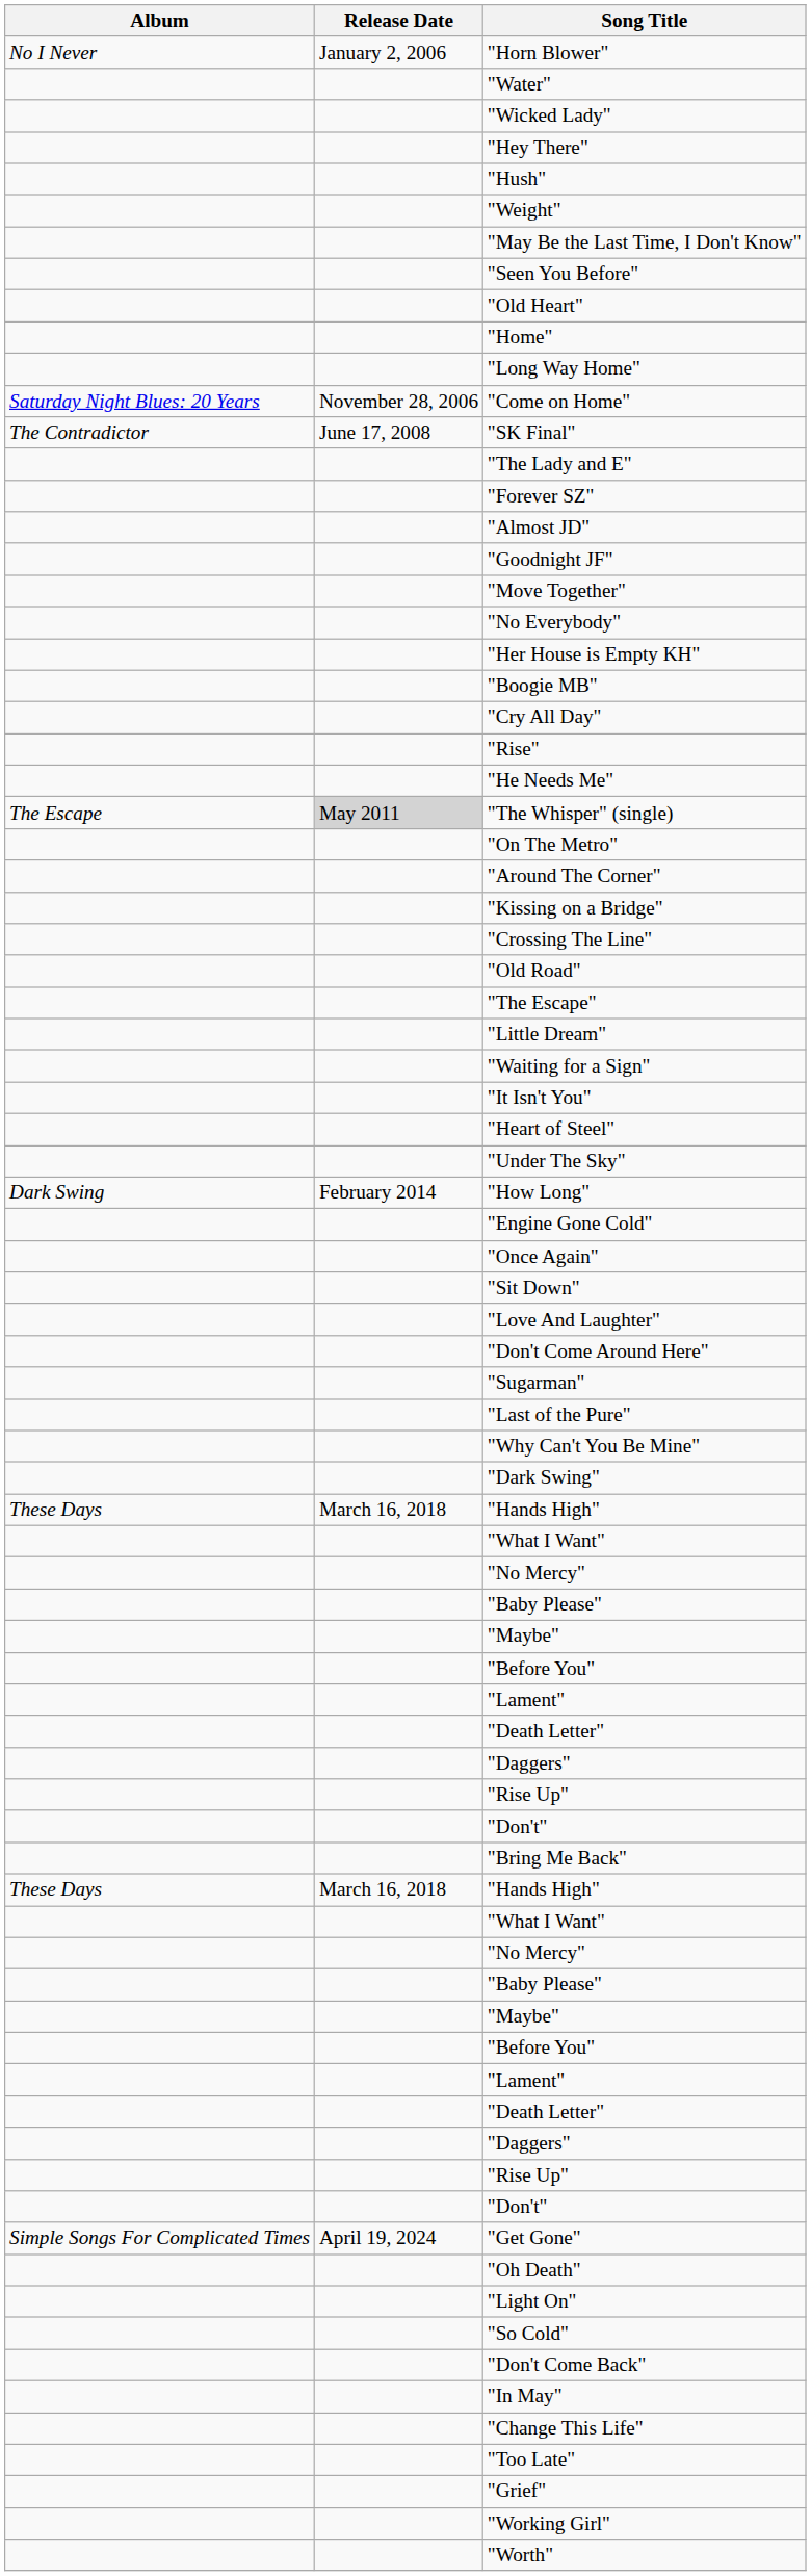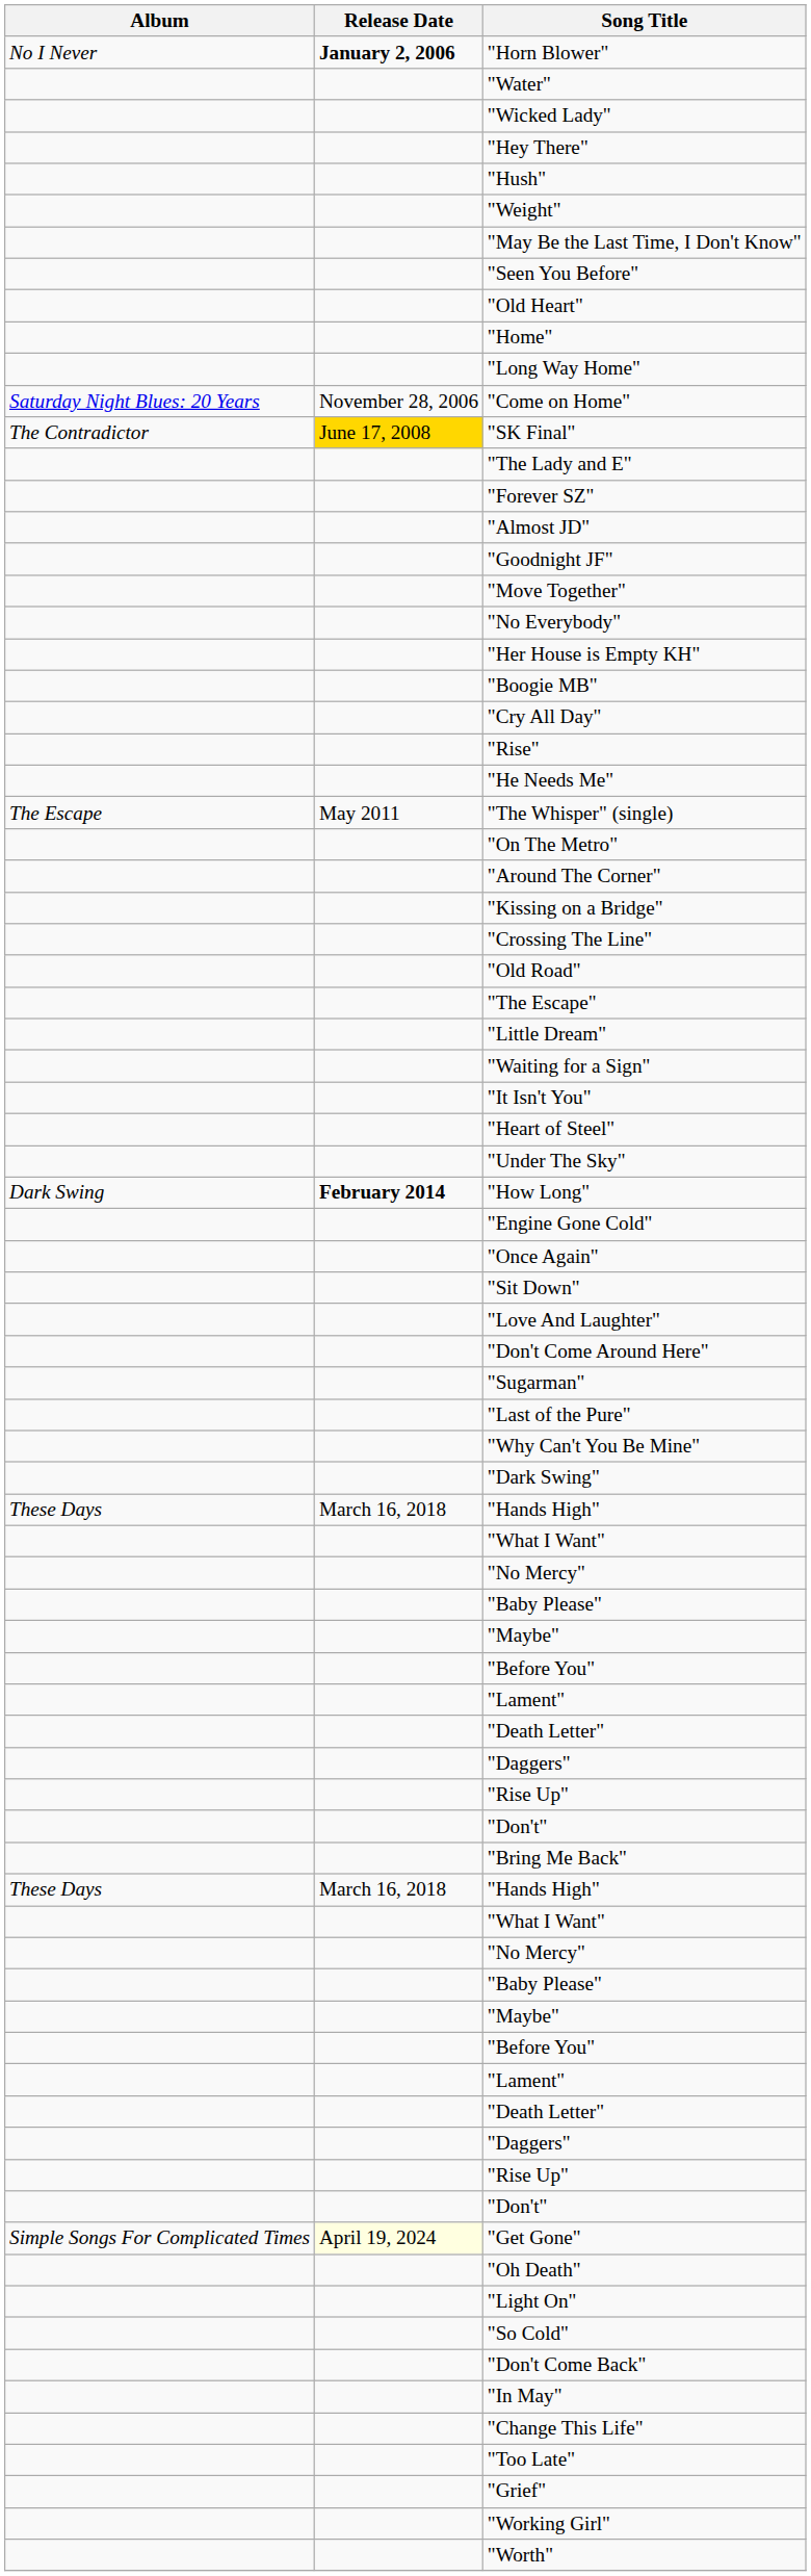 <table class="wikitable">
 <tr>
 <th>Album</th>
 <th>Release Date</th>
 <th>Song Title</th>
 </tr>
 <tr>
 <td><em>No I Never</em></td>
-<td>January 2, 2006</td>
+<td><strong>January 2, 2006</strong></td>
 <td>"Horn Blower"</td>
 </tr>
 <tr>
 <td></td>
 <td></td>
 <td>"Water"</td>
 </tr>
 <tr>
 <td></td>
 <td></td>
 <td>"Wicked Lady"</td>
 </tr>
 <tr>
 <td></td>
 <td></td>
 <td>"Hey There"</td>
 </tr>
 <tr>
 <td></td>
 <td></td>
 <td>"Hush"</td>
 </tr>
 <tr>
 <td></td>
 <td></td>
 <td>"Weight"</td>
 </tr>
 <tr>
 <td></td>
 <td></td>
 <td>"May Be the Last Time, I Don't Know"</td>
 </tr>
 <tr>
 <td></td>
 <td></td>
 <td>"Seen You Before"</td>
 </tr>
 <tr>
 <td></td>
 <td></td>
 <td>"Old Heart"</td>
 </tr>
 <tr>
 <td></td>
 <td></td>
 <td>"Home"</td>
 </tr>
 <tr>
 <td></td>
 <td></td>
 <td>"Long Way Home"</td>
 </tr>
 <tr>
 <td><em><a href='#'>Saturday Night Blues: 20 Years</a></em></td>
 <td>November 28, 2006</td>
 <td>"Come on Home"</td>
 </tr>
 <tr>
 <td><em>The Contradictor</em></td>
-<td>June 17, 2008</td>
+<td style="background: gold;">June 17, 2008</td>
 <td>"SK Final"</td>
 </tr>
 <tr>
 <td></td>
 <td></td>
 <td>"The Lady and E"</td>
 </tr>
 <tr>
 <td></td>
 <td></td>
 <td>"Forever SZ"</td>
 </tr>
 <tr>
 <td></td>
 <td></td>
 <td>"Almost JD"</td>
 </tr>
 <tr>
 <td></td>
 <td></td>
 <td>"Goodnight JF"</td>
 </tr>
 <tr>
 <td></td>
 <td></td>
 <td>"Move Together"</td>
 </tr>
 <tr>
 <td></td>
 <td></td>
 <td>"No Everybody"</td>
 </tr>
 <tr>
 <td></td>
 <td></td>
 <td>"Her House is Empty KH"</td>
 </tr>
 <tr>
 <td></td>
 <td></td>
 <td>"Boogie MB"</td>
 </tr>
 <tr>
 <td></td>
 <td></td>
 <td>"Cry All Day"</td>
 </tr>
 <tr>
 <td></td>
 <td></td>
 <td>"Rise"</td>
 </tr>
 <tr>
 <td></td>
 <td></td>
 <td>"He Needs Me"</td>
 </tr>
 <tr>
 <td><em>The Escape</em></td>
-<td style="background: lightgrey;">May 2011</td>
+<td>May 2011</td>
 <td>"The Whisper" (single)</td>
 </tr>
 <tr>
 <td></td>
 <td></td>
 <td>"On The Metro"</td>
 </tr>
 <tr>
 <td></td>
 <td></td>
 <td>"Around The Corner"</td>
 </tr>
 <tr>
 <td></td>
 <td></td>
 <td>"Kissing on a Bridge"</td>
 </tr>
 <tr>
 <td></td>
 <td></td>
 <td>"Crossing The Line"</td>
 </tr>
 <tr>
 <td></td>
 <td></td>
 <td>"Old Road"</td>
 </tr>
 <tr>
 <td></td>
 <td></td>
 <td>"The Escape"</td>
 </tr>
 <tr>
 <td></td>
 <td></td>
 <td>"Little Dream"</td>
 </tr>
 <tr>
 <td></td>
 <td></td>
 <td>"Waiting for a Sign"</td>
 </tr>
 <tr>
 <td></td>
 <td></td>
 <td>"It Isn't You"</td>
 </tr>
 <tr>
 <td></td>
 <td></td>
 <td>"Heart of Steel"</td>
 </tr>
 <tr>
 <td></td>
 <td></td>
 <td>"Under The Sky"</td>
 </tr>
 <tr>
 <td><em>Dark Swing</em></td>
-<td>February 2014</td>
+<td><strong>February 2014</strong></td>
 <td>"How Long"</td>
 </tr>
 <tr>
 <td></td>
 <td></td>
 <td>"Engine Gone Cold"</td>
 </tr>
 <tr>
 <td></td>
 <td></td>
 <td>"Once Again"</td>
 </tr>
 <tr>
 <td></td>
 <td></td>
 <td>"Sit Down"</td>
 </tr>
 <tr>
 <td></td>
 <td></td>
 <td>"Love And Laughter"</td>
 </tr>
 <tr>
 <td></td>
 <td></td>
 <td>"Don't Come Around Here"</td>
 </tr>
 <tr>
 <td></td>
 <td></td>
 <td>"Sugarman"</td>
 </tr>
 <tr>
 <td></td>
 <td></td>
 <td>"Last of the Pure"</td>
 </tr>
 <tr>
 <td></td>
 <td></td>
 <td>"Why Can't You Be Mine"</td>
 </tr>
 <tr>
 <td></td>
 <td></td>
 <td>"Dark Swing"</td>
 </tr>
 <tr>
 <td><em>These Days</em></td>
 <td>March 16, 2018</td>
 <td>"Hands High"</td>
 </tr>
 <tr>
 <td></td>
 <td></td>
 <td>"What I Want"</td>
 </tr>
 <tr>
 <td></td>
 <td></td>
 <td>"No Mercy"</td>
 </tr>
 <tr>
 <td></td>
 <td></td>
 <td>"Baby Please"</td>
 </tr>
 <tr>
 <td></td>
 <td></td>
 <td>"Maybe"</td>
 </tr>
 <tr>
 <td></td>
 <td></td>
 <td>"Before You"</td>
 </tr>
 <tr>
 <td></td>
 <td></td>
 <td>"Lament"</td>
 </tr>
 <tr>
 <td></td>
 <td></td>
 <td>"Death Letter"</td>
 </tr>
 <tr>
 <td></td>
 <td></td>
 <td>"Daggers"</td>
 </tr>
 <tr>
 <td></td>
 <td></td>
 <td>"Rise Up"</td>
 </tr>
 <tr>
 <td></td>
 <td></td>
 <td>"Don't"</td>
 </tr>
 <tr>
 <td></td>
 <td></td>
 <td>"Bring Me Back"</td>
 </tr>
 <tr>
 <td><em>These Days</em></td>
 <td>March 16, 2018</td>
 <td>"Hands High"</td>
 </tr>
 <tr>
 <td></td>
 <td></td>
 <td>"What I Want"</td>
 </tr>
 <tr>
 <td></td>
 <td></td>
 <td>"No Mercy"</td>
 </tr>
 <tr>
 <td></td>
 <td></td>
 <td>"Baby Please"</td>
 </tr>
 <tr>
 <td></td>
 <td></td>
 <td>"Maybe"</td>
 </tr>
 <tr>
 <td></td>
 <td></td>
 <td>"Before You"</td>
 </tr>
 <tr>
 <td></td>
 <td></td>
 <td>"Lament"</td>
 </tr>
 <tr>
 <td></td>
 <td></td>
 <td>"Death Letter"</td>
 </tr>
 <tr>
 <td></td>
 <td></td>
 <td>"Daggers"</td>
 </tr>
 <tr>
 <td></td>
 <td></td>
 <td>"Rise Up"</td>
 </tr>
 <tr>
 <td></td>
 <td></td>
 <td>"Don't"</td>
 </tr>
 <tr>
 <td><em>Simple Songs For Complicated Times</em></td>
-<td>April 19, 2024</td>
+<td style="background: lightyellow;">April 19, 2024</td>
 <td>"Get Gone"</td>
 </tr>
 <tr>
 <td></td>
 <td></td>
 <td>"Oh Death"</td>
 </tr>
 <tr>
 <td></td>
 <td></td>
 <td>"Light On"</td>
 </tr>
 <tr>
 <td></td>
 <td></td>
 <td>"So Cold"</td>
 </tr>
 <tr>
 <td></td>
 <td></td>
 <td>"Don't Come Back"</td>
 </tr>
 <tr>
 <td></td>
 <td></td>
 <td>"In May"</td>
 </tr>
 <tr>
 <td></td>
 <td></td>
 <td>"Change This Life"</td>
 </tr>
 <tr>
 <td></td>
 <td></td>
 <td>"Too Late"</td>
 </tr>
 <tr>
 <td></td>
 <td></td>
 <td>"Grief"</td>
 </tr>
 <tr>
 <td></td>
 <td></td>
 <td>"Working Girl"</td>
 </tr>
 <tr>
 <td></td>
 <td></td>
 <td>"Worth"</td>
 </tr>
 <tr>
 </tr>
 </table>
